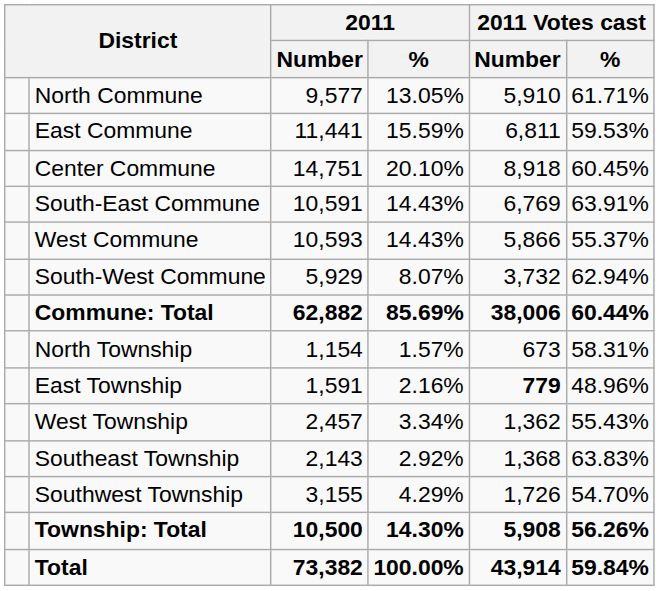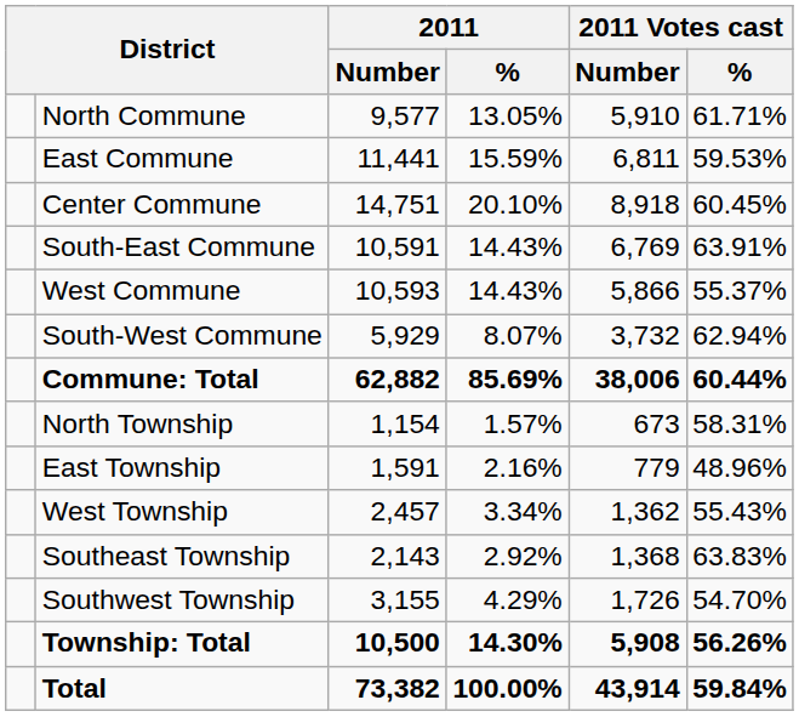 <table class="wikitable sortable" style="text-align:right">
 <tr>
 <th rowspan="2" colspan="2">District</th>
 <th colspan="2">2011</th>
 <th colspan="2">2011 Votes cast</th>
 </tr>
 <tr>
 <th>Number</th>
 <th>%</th>
 <th>Number</th>
 <th>%</th>
 </tr>
 <tr>
 <td style="color:inherit;background:"></td>
 <td style="text-align:left">North Commune</td>
 <td>9,577</td>
 <td>13.05%</td>
 <td>5,910</td>
 <td>61.71%</td>
 </tr>
 <tr>
 <td style="color:inherit;background:"></td>
 <td style="text-align:left">East Commune</td>
 <td>11,441</td>
 <td>15.59%</td>
 <td>6,811</td>
 <td>59.53%</td>
 </tr>
 <tr>
 <td style="color:inherit;background:"></td>
 <td style="text-align:left">Center Commune</td>
 <td>14,751</td>
 <td>20.10%</td>
 <td>8,918</td>
 <td>60.45%</td>
 </tr>
 <tr>
 <td style="color:inherit;background:"></td>
 <td style="text-align:left">South-East Commune</td>
 <td>10,591</td>
 <td>14.43%</td>
 <td>6,769</td>
 <td>63.91%</td>
 </tr>
 <tr>
 <td style="color:inherit;background:"></td>
 <td style="text-align:left">West Commune</td>
 <td>10,593</td>
 <td>14.43%</td>
 <td>5,866</td>
 <td>55.37%</td>
 </tr>
 <tr>
 <td style="color:inherit;background:"></td>
 <td style="text-align:left">South-West Commune</td>
 <td>5,929</td>
 <td>8.07%</td>
 <td>3,732</td>
 <td>62.94%</td>
 </tr>
 <tr>
 <td style="color:inherit;background:"></td>
 <td style="text-align:left"><strong>Commune: Total</strong></td>
 <td><strong>62,882</strong></td>
 <td><strong>85.69%</strong></td>
 <td><strong>38,006</strong></td>
 <td><strong>60.44%</strong></td>
 </tr>
 <tr>
 <td width="1" style="color:inherit;background:"></td>
 <td style="text-align:left">North Township</td>
 <td>1,154</td>
 <td>1.57%</td>
 <td>673</td>
 <td>58.31%</td>
 </tr>
 <tr>
 <td width="1" style="color:inherit;background:"></td>
 <td style="text-align:left">East Township</td>
 <td>1,591</td>
 <td>2.16%</td>
-<td><strong>779</strong></td>
+<td>779</td>
 <td>48.96%</td>
 </tr>
 <tr>
 <td width="1" style="color:inherit;background:"></td>
 <td style="text-align:left">West Township</td>
 <td>2,457</td>
 <td>3.34%</td>
 <td>1,362</td>
 <td>55.43%</td>
 </tr>
 <tr>
 <td width="1" style="color:inherit;background:"></td>
 <td style="text-align:left">Southeast Township</td>
 <td>2,143</td>
 <td>2.92%</td>
 <td>1,368</td>
 <td>63.83%</td>
 </tr>
 <tr>
 <td width="1" style="color:inherit;background:"></td>
 <td style="text-align:left">Southwest Township</td>
 <td>3,155</td>
 <td>4.29%</td>
 <td>1,726</td>
 <td>54.70%</td>
 </tr>
 <tr>
 <td width="1" style="color:inherit;background:"></td>
 <td style="text-align:left"><strong>Township: Total</strong></td>
 <td><strong>10,500</strong></td>
 <td><strong>14.30%</strong></td>
 <td><strong>5,908</strong></td>
 <td><strong>56.26%</strong></td>
 </tr>
 <tr>
 <td width="10"></td>
 <td style="text-align:left"><strong>Total</strong></td>
 <td><strong>73,382</strong></td>
 <td><strong>100.00%</strong></td>
 <td><strong>43,914</strong></td>
 <td><strong>59.84%</strong></td>
 </tr>
 </table>
